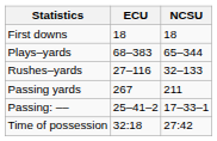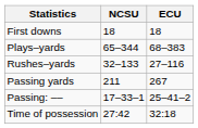 <table class="wikitable" style="float:left">
 <tr>
 <th>Statistics</th>
+<th>NCSU</th>
 <th>ECU</th>
-<th>NCSU</th>
 </tr>
 <tr>
 <td>First downs</td>
 <td>18</td>
 <td>18</td>
 </tr>
 <tr>
 <td>Plays–yards</td>
+<td>65–344</td>
 <td>68–383</td>
-<td>65–344</td>
 </tr>
 <tr>
 <td>Rushes–yards</td>
+<td>32–133</td>
 <td>27–116</td>
-<td>32–133</td>
 </tr>
 <tr>
 <td>Passing yards</td>
+<td>211</td>
 <td>267</td>
-<td>211</td>
 </tr>
 <tr>
 <td>Passing: ––</td>
+<td>17–33–1</td>
 <td>25–41–2</td>
-<td>17–33–1</td>
 </tr>
 <tr>
 <td>Time of possession</td>
+<td>27:42</td>
 <td>32:18</td>
-<td>27:42</td>
 </tr>
 </table>
